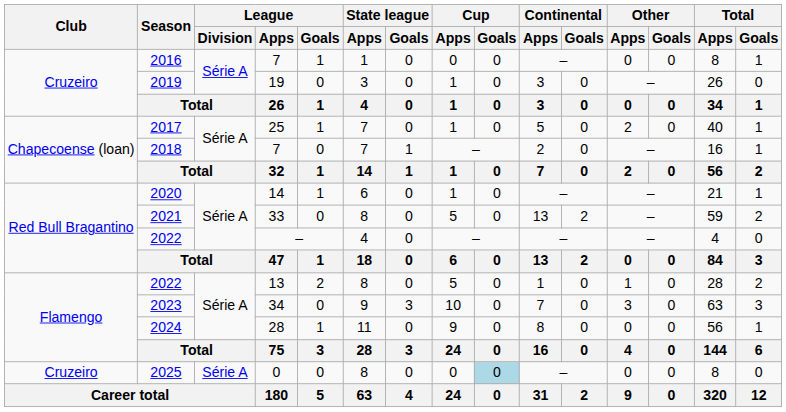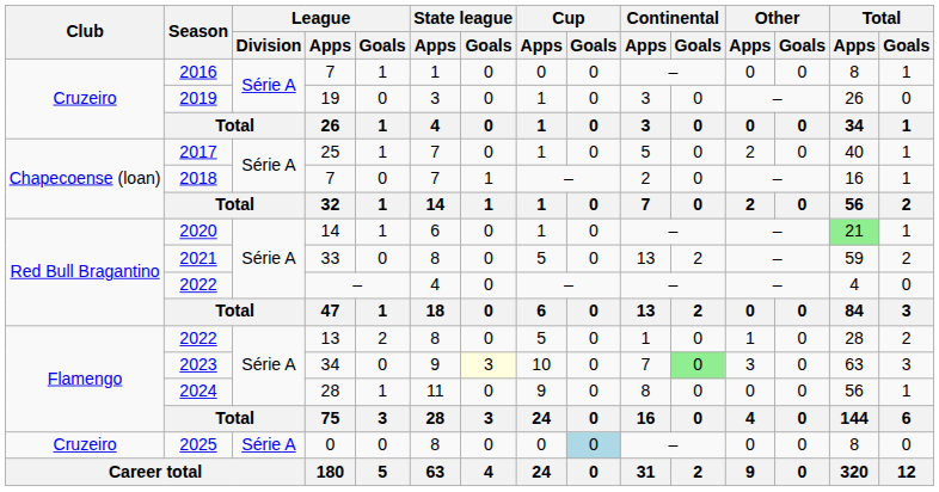 <table class="wikitable" style="text-align: center">
 <tr>
 <th rowspan="2">Club</th>
 <th rowspan="2">Season</th>
 <th colspan="3">League</th>
 <th colspan="2">State league</th>
 <th colspan="2">Cup</th>
 <th colspan="2">Continental</th>
 <th colspan="2">Other</th>
 <th colspan="2">Total</th>
 </tr>
 <tr>
 <th>Division</th>
 <th>Apps</th>
 <th>Goals</th>
 <th>Apps</th>
 <th>Goals</th>
 <th>Apps</th>
 <th>Goals</th>
 <th>Apps</th>
 <th>Goals</th>
 <th>Apps</th>
 <th>Goals</th>
 <th>Apps</th>
 <th>Goals</th>
 </tr>
 <tr>
 <td rowspan="3" align="center"><a href='#'>Cruzeiro</a></td>
 <td><a href='#'>2016</a></td>
 <td rowspan="2"><a href='#'>Série A</a></td>
 <td>7</td>
 <td>1</td>
 <td>1</td>
 <td>0</td>
 <td>0</td>
 <td>0</td>
 <td colspan="2">–</td>
 <td>0</td>
 <td>0</td>
 <td>8</td>
 <td>1</td>
 </tr>
 <tr>
 <td><a href='#'>2019</a></td>
 <td>19</td>
 <td>0</td>
 <td>3</td>
 <td>0</td>
 <td>1</td>
 <td>0</td>
 <td>3</td>
 <td>0</td>
 <td colspan="2">–</td>
 <td>26</td>
 <td>0</td>
 </tr>
 <tr>
 <th colspan="2">Total</th>
 <th>26</th>
 <th>1</th>
 <th>4</th>
 <th>0</th>
 <th>1</th>
 <th>0</th>
 <th>3</th>
 <th>0</th>
 <th>0</th>
 <th>0</th>
 <th>34</th>
 <th>1</th>
 </tr>
 <tr>
 <td rowspan="3" align="center"><a href='#'>Chapecoense</a> (loan)</td>
 <td><a href='#'>2017</a></td>
 <td rowspan="2">Série A</td>
 <td>25</td>
 <td>1</td>
 <td>7</td>
 <td>0</td>
 <td>1</td>
 <td>0</td>
 <td>5</td>
 <td>0</td>
 <td>2</td>
 <td>0</td>
 <td>40</td>
 <td>1</td>
 </tr>
 <tr>
 <td><a href='#'>2018</a></td>
 <td>7</td>
 <td>0</td>
 <td>7</td>
 <td>1</td>
 <td colspan="2">–</td>
 <td>2</td>
 <td>0</td>
 <td colspan="2">–</td>
 <td>16</td>
 <td>1</td>
 </tr>
 <tr>
 <th colspan="2">Total</th>
 <th>32</th>
 <th>1</th>
 <th>14</th>
 <th>1</th>
 <th>1</th>
 <th>0</th>
 <th>7</th>
 <th>0</th>
 <th>2</th>
 <th>0</th>
 <th>56</th>
 <th>2</th>
 </tr>
 <tr>
 <td rowspan="4" align="center"><a href='#'>Red Bull Bragantino</a></td>
 <td><a href='#'>2020</a></td>
 <td rowspan="3">Série A</td>
 <td>14</td>
 <td>1</td>
 <td>6</td>
 <td>0</td>
 <td>1</td>
 <td>0</td>
 <td colspan="2">–</td>
 <td colspan="2">–</td>
-<td>21</td>
+<td style="background: lightgreen;">21</td>
 <td>1</td>
 </tr>
 <tr>
 <td><a href='#'>2021</a></td>
 <td>33</td>
 <td>0</td>
 <td>8</td>
 <td>0</td>
 <td>5</td>
 <td>0</td>
 <td>13</td>
 <td>2</td>
 <td colspan="2">–</td>
 <td>59</td>
 <td>2</td>
 </tr>
 <tr>
 <td><a href='#'>2022</a></td>
 <td colspan="2">–</td>
 <td>4</td>
 <td>0</td>
 <td colspan="2">–</td>
 <td colspan="2">–</td>
 <td colspan="2">–</td>
 <td>4</td>
 <td>0</td>
 </tr>
 <tr>
 <th colspan="2">Total</th>
 <th>47</th>
 <th>1</th>
 <th>18</th>
 <th>0</th>
 <th>6</th>
 <th>0</th>
 <th>13</th>
 <th>2</th>
 <th>0</th>
 <th>0</th>
 <th>84</th>
 <th>3</th>
 </tr>
 <tr>
 <td rowspan="4" align="center"><a href='#'>Flamengo</a></td>
 <td><a href='#'>2022</a></td>
 <td rowspan="3">Série A</td>
 <td>13</td>
 <td>2</td>
 <td>8</td>
 <td>0</td>
 <td>5</td>
 <td>0</td>
 <td>1</td>
 <td>0</td>
 <td>1</td>
 <td>0</td>
 <td>28</td>
 <td>2</td>
 </tr>
 <tr>
 <td><a href='#'>2023</a></td>
 <td>34</td>
 <td>0</td>
 <td>9</td>
-<td>3</td>
+<td style="background: lightyellow;">3</td>
 <td>10</td>
 <td>0</td>
 <td>7</td>
-<td>0</td>
+<td style="background: lightgreen;">0</td>
 <td>3</td>
 <td>0</td>
 <td>63</td>
 <td>3</td>
 </tr>
 <tr>
 <td><a href='#'>2024</a></td>
 <td>28</td>
 <td>1</td>
 <td>11</td>
 <td>0</td>
 <td>9</td>
 <td>0</td>
 <td>8</td>
 <td>0</td>
 <td>0</td>
 <td>0</td>
 <td>56</td>
 <td>1</td>
 </tr>
 <tr>
 <th colspan="2">Total</th>
 <th>75</th>
 <th>3</th>
 <th>28</th>
 <th>3</th>
 <th>24</th>
 <th>0</th>
 <th>16</th>
 <th>0</th>
 <th>4</th>
 <th>0</th>
 <th>144</th>
 <th>6</th>
 </tr>
 <tr>
 <td rowspan="1" align="center"><a href='#'>Cruzeiro</a></td>
 <td><a href='#'>2025</a></td>
 <td><a href='#'>Série A</a></td>
 <td>0</td>
 <td>0</td>
 <td>8</td>
 <td>0</td>
 <td>0</td>
 <td style="background: lightblue;">0</td>
 <td colspan="2">–</td>
 <td>0</td>
 <td>0</td>
 <td>8</td>
 <td>0</td>
 </tr>
 <tr>
 <th colspan="3">Career total</th>
 <th>180</th>
 <th>5</th>
 <th>63</th>
 <th>4</th>
 <th>24</th>
 <th>0</th>
 <th>31</th>
 <th>2</th>
 <th>9</th>
 <th>0</th>
 <th>320</th>
 <th>12</th>
 </tr>
 </table>
